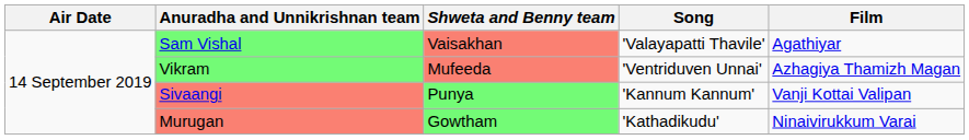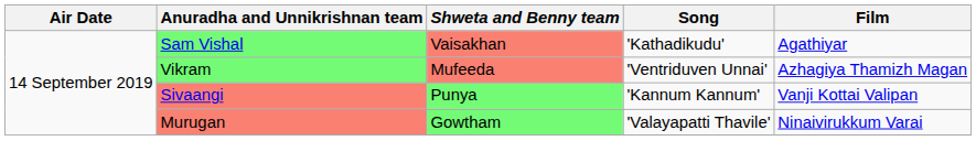 <table class="wikitable sortable">
 <tr>
 <th>Air Date</th>
 <th>Anuradha and Unnikrishnan team</th>
 <th><em>Shweta and Benny team</em></th>
 <th>Song</th>
 <th>Film</th>
 </tr>
 <tr>
 <td rowspan="5">14 September 2019</td>
 <td style="background:#73FB76;"><a href='#'>Sam Vishal</a></td>
 <td style="background:salmon">Vaisakhan</td>
-<td>'Valayapatti Thavile'</td>
+<td>'Kathadikudu'</td>
 <td><a href='#'>Agathiyar</a></td>
 </tr>
 <tr>
 <td style="background:#73FB76;">Vikram</td>
 <td style="background:salmon">Mufeeda</td>
 <td>'Ventriduven Unnai'</td>
 <td><a href='#'>Azhagiya Thamizh Magan</a></td>
 </tr>
 <tr>
 <td style="background:salmon"><a href='#'>Sivaangi</a></td>
 <td style="background:#73FB76;">Punya</td>
 <td>'Kannum Kannum'</td>
 <td><a href='#'>Vanji Kottai Valipan</a></td>
 </tr>
 <tr>
 <td style="background:salmon">Murugan</td>
 <td style="background:#73FB76;">Gowtham</td>
-<td>'Kathadikudu'</td>
+<td>'Valayapatti Thavile'</td>
 <td><a href='#'>Ninaivirukkum Varai</a></td>
 </tr>
 <tr>
 </tr>
 </table>
